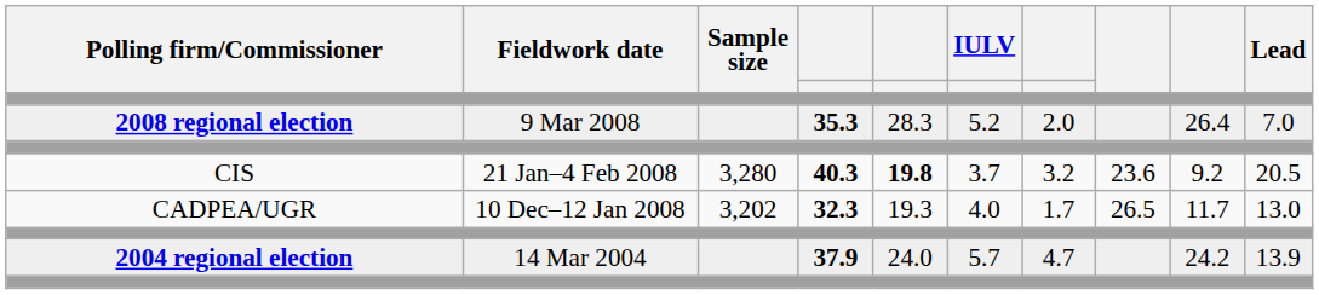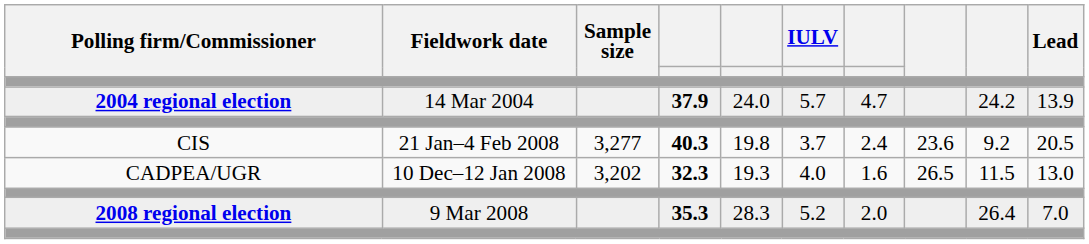 <table class="wikitable collapsible collapsed" style="text-align:center; font-size:90%; line-height:14px;">
 <tr style="height:42px;">
 <th style="width:250px;" rowspan="2">Polling firm/Commissioner</th>
 <th style="width:125px;" rowspan="2">Fieldwork date</th>
 <th style="width:50px;" rowspan="2">Sample size</th>
 <th style="width:35px;"></th>
 <th style="width:35px;"></th>
 <th style="width:35px;"><a href='#'>IULV</a></th>
 <th style="width:35px;"></th>
 <th style="width:35px;" rowspan="2"></th>
 <th style="width:35px;" rowspan="2"></th>
 <th style="width:30px;" rowspan="2">Lead</th>
 </tr>
 <tr>
 <th style="color:inherit;background:"></th>
 <th style="color:inherit;background:"></th>
 <th style="color:inherit;background:"></th>
 <th style="color:inherit;background:"></th>
 </tr>
 <tr>
 <td colspan="10" style="background:#A0A0A0"></td>
 </tr>
 <tr style="background:#EFEFEF;">
+<td><strong><a href='#'>2004 regional election</a></strong></td>
+<td>14 Mar 2004</td>
+<td></td>
+<td><strong>37.9</strong></td>
+<td>24.0</td>
+<td>5.7</td>
+<td>4.7</td>
+<td></td>
+<td>24.2</td>
+<td style="background:">13.9</td>
+</tr>
+<tr>
+<td colspan="10" style="background:#A0A0A0"></td>
+</tr>
+<tr>
+<td>CIS</td>
+<td>21 Jan–4 Feb 2008</td>
+<td>3,277</td>
+<td><strong>40.3</strong></td>
+<td>19.8</td>
+<td>3.7</td>
+<td>2.4</td>
+<td>23.6</td>
+<td>9.2</td>
+<td style="background:">20.5</td>
+</tr>
+<tr>
+<td>CADPEA/UGR</td>
+<td>10 Dec–12 Jan 2008</td>
+<td>3,202</td>
+<td><strong>32.3</strong></td>
+<td>19.3</td>
+<td>4.0</td>
+<td>1.6</td>
+<td>26.5</td>
+<td>11.5</td>
+<td style="background:">13.0</td>
+</tr>
+<tr>
+<td colspan="10" style="background:#A0A0A0"></td>
+</tr>
+<tr style="background:#EFEFEF;">
 <td><strong><a href='#'>2008 regional election</a></strong></td>
 <td>9 Mar 2008</td>
 <td></td>
 <td><strong>35.3</strong></td>
 <td>28.3</td>
 <td>5.2</td>
 <td>2.0</td>
 <td></td>
 <td>26.4</td>
 <td style="background:">7.0</td>
 </tr>
 <tr>
 <td colspan="10" style="background:#A0A0A0"></td>
 </tr>
-<tr>
-<td>CIS</td>
-<td>21 Jan–4 Feb 2008</td>
-<td>3,280</td>
-<td><strong>40.3</strong></td>
-<td><strong>19.8</strong></td>
-<td>3.7</td>
-<td>3.2</td>
-<td>23.6</td>
-<td>9.2</td>
-<td style="background:">20.5</td>
-</tr>
-<tr>
-<td>CADPEA/UGR</td>
-<td>10 Dec–12 Jan 2008</td>
-<td>3,202</td>
-<td><strong>32.3</strong></td>
-<td>19.3</td>
-<td>4.0</td>
-<td>1.7</td>
-<td>26.5</td>
-<td>11.7</td>
-<td style="background:">13.0</td>
-</tr>
-<tr>
-<td colspan="10" style="background:#A0A0A0"></td>
-</tr>
-<tr style="background:#EFEFEF;">
-<td><strong><a href='#'>2004 regional election</a></strong></td>
-<td>14 Mar 2004</td>
-<td></td>
-<td><strong>37.9</strong></td>
-<td>24.0</td>
-<td>5.7</td>
-<td>4.7</td>
-<td></td>
-<td>24.2</td>
-<td style="background:">13.9</td>
-</tr>
-<tr>
-<td colspan="10" style="background:#A0A0A0"></td>
-</tr>
 </table>
